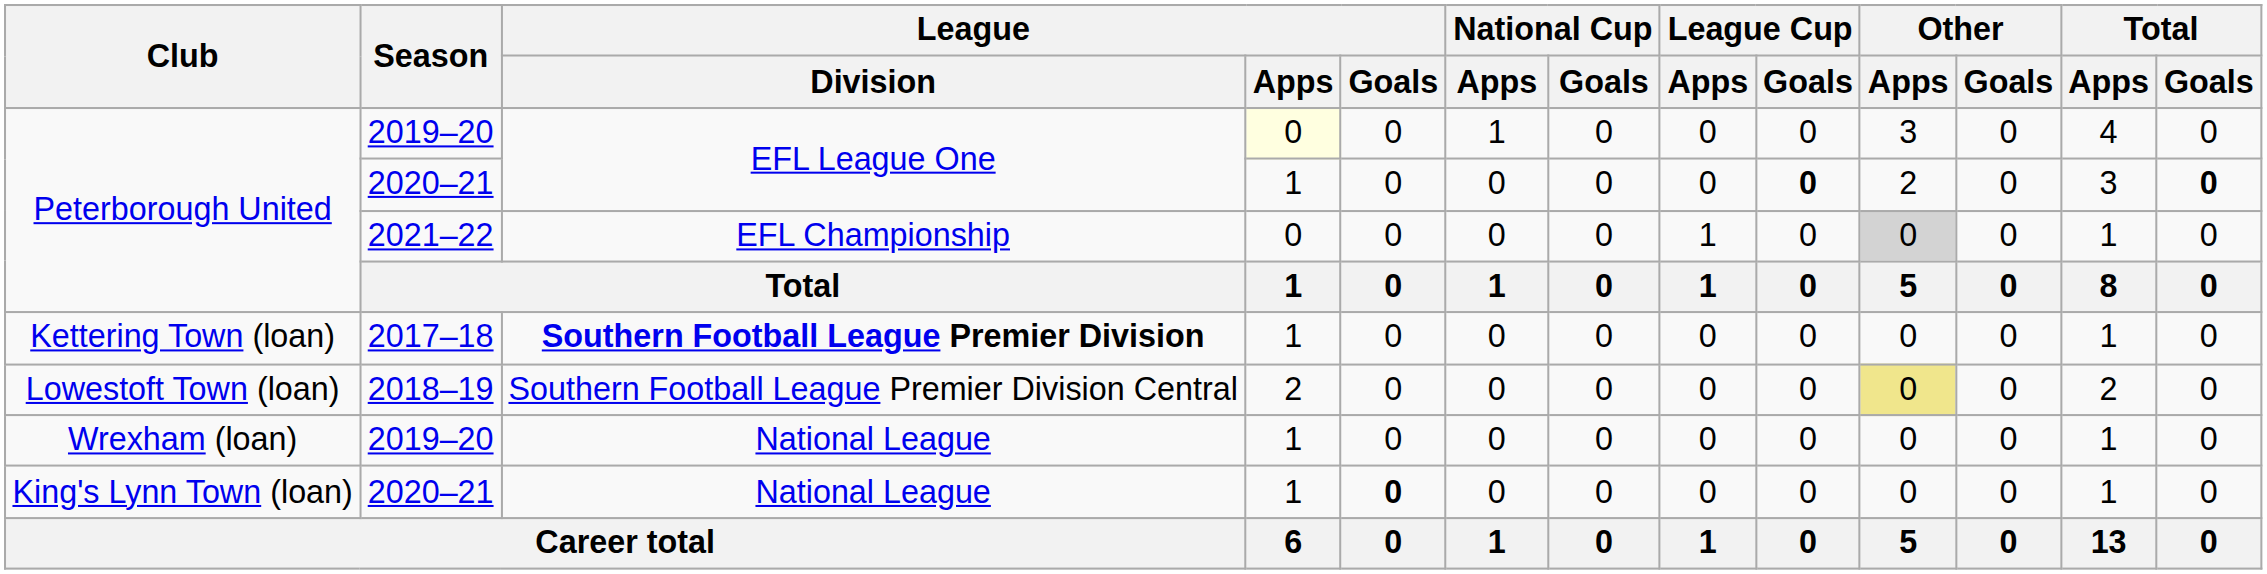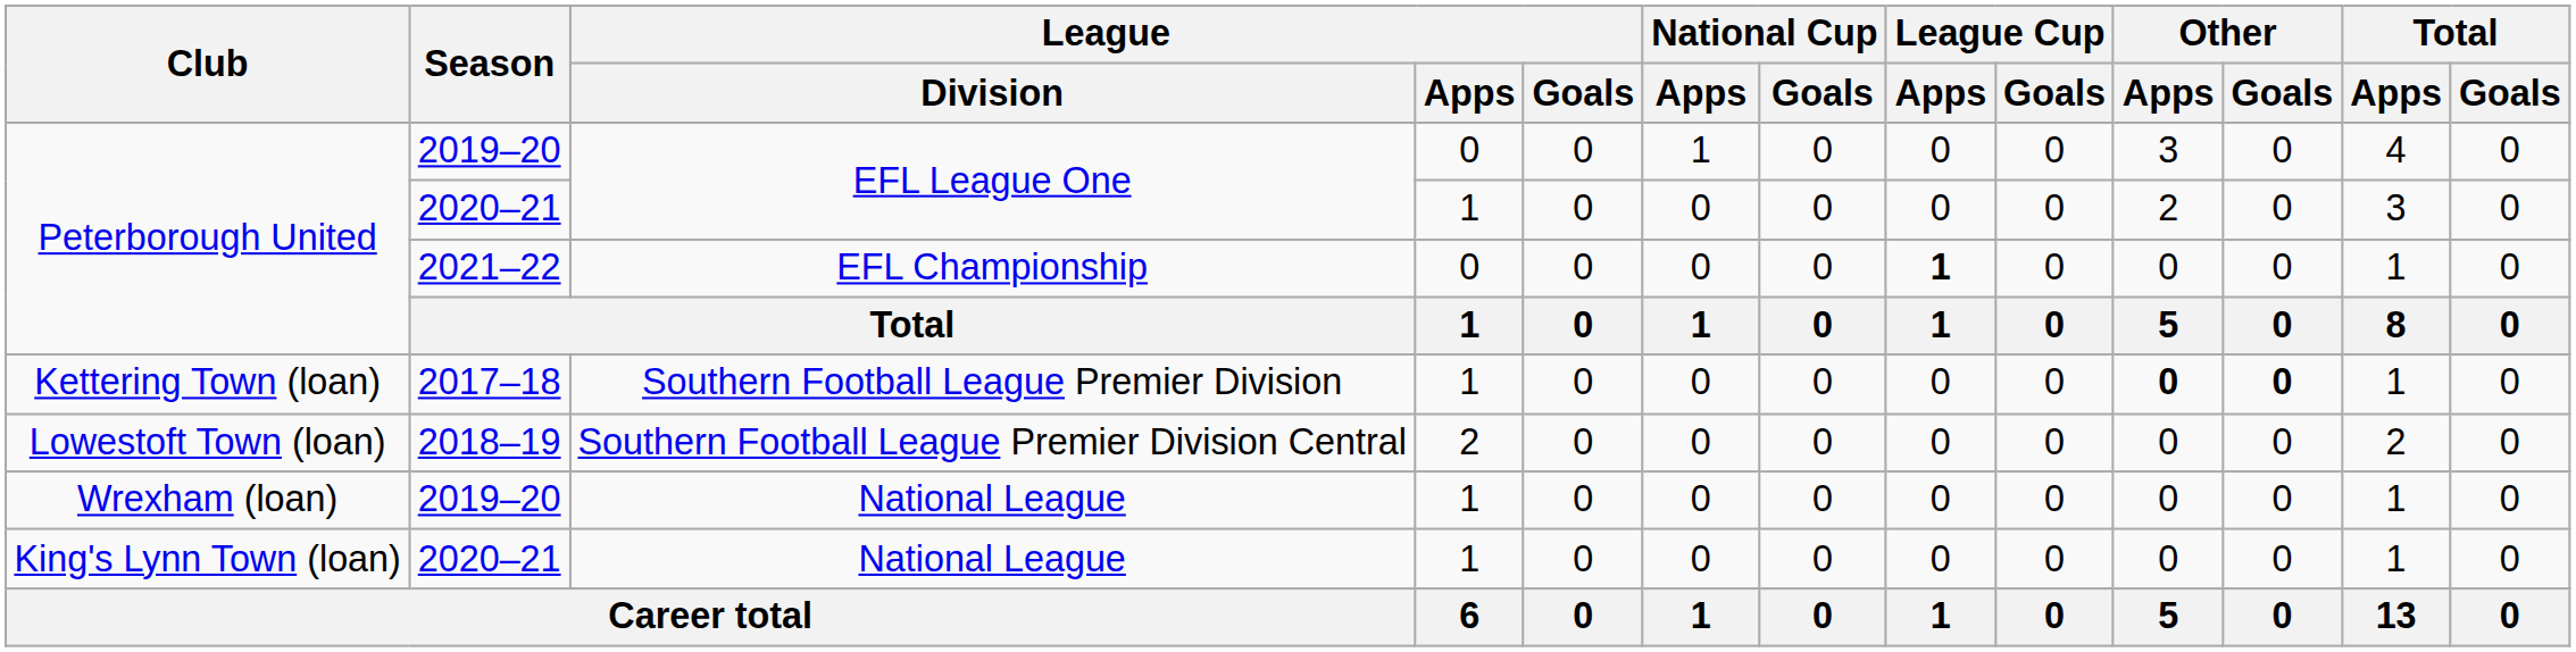 <table class="wikitable" style="text-align: center">
 <tr>
 <th rowspan="2">Club</th>
 <th rowspan="2">Season</th>
 <th colspan="3">League</th>
 <th colspan="2">National Cup</th>
 <th colspan="2">League Cup</th>
 <th colspan="2">Other</th>
 <th colspan="2">Total</th>
 </tr>
 <tr>
 <th>Division</th>
 <th>Apps</th>
 <th>Goals</th>
 <th>Apps</th>
 <th>Goals</th>
 <th>Apps</th>
 <th>Goals</th>
 <th>Apps</th>
 <th>Goals</th>
 <th>Apps</th>
 <th>Goals</th>
 </tr>
 <tr>
 <td rowspan="4"><a href='#'>Peterborough United</a></td>
 <td><a href='#'>2019–20</a></td>
 <td rowspan="2"><a href='#'>EFL League One</a></td>
-<td style="background: lightyellow;">0</td>
+<td>0</td>
 <td>0</td>
 <td>1</td>
 <td>0</td>
 <td>0</td>
 <td>0</td>
 <td>3</td>
 <td>0</td>
 <td>4</td>
 <td>0</td>
 </tr>
 <tr>
 <td><a href='#'>2020–21</a></td>
 <td>1</td>
 <td>0</td>
 <td>0</td>
 <td>0</td>
 <td>0</td>
-<td><strong>0</strong></td>
+<td>0</td>
 <td>2</td>
 <td>0</td>
 <td>3</td>
-<td><strong>0</strong></td>
+<td>0</td>
 </tr>
 <tr>
 <td><a href='#'>2021–22</a></td>
 <td><a href='#'>EFL Championship</a></td>
 <td>0</td>
 <td>0</td>
 <td>0</td>
 <td>0</td>
-<td>1</td>
+<td><strong>1</strong></td>
 <td>0</td>
-<td style="background: lightgrey;">0</td>
+<td>0</td>
 <td>0</td>
 <td>1</td>
 <td>0</td>
 </tr>
 <tr>
 <th colspan="2">Total</th>
 <th>1</th>
 <th>0</th>
 <th>1</th>
 <th>0</th>
 <th>1</th>
 <th>0</th>
 <th>5</th>
 <th>0</th>
 <th>8</th>
 <th>0</th>
 </tr>
 <tr>
 <td><a href='#'>Kettering Town</a> (loan)</td>
 <td><a href='#'>2017–18</a></td>
-<td><strong><a href='#'>Southern Football League</a> Premier Division</strong></td>
+<td><a href='#'>Southern Football League</a> Premier Division</td>
 <td>1</td>
 <td>0</td>
 <td>0</td>
 <td>0</td>
 <td>0</td>
 <td>0</td>
-<td>0</td>
-<td>0</td>
+<td><strong>0</strong></td>
+<td><strong>0</strong></td>
 <td>1</td>
 <td>0</td>
 </tr>
 <tr>
 <td><a href='#'>Lowestoft Town</a> (loan)</td>
 <td><a href='#'>2018–19</a></td>
 <td><a href='#'>Southern Football League</a> Premier Division Central</td>
 <td>2</td>
 <td>0</td>
 <td>0</td>
 <td>0</td>
 <td>0</td>
 <td>0</td>
-<td style="background: khaki;">0</td>
+<td>0</td>
 <td>0</td>
 <td>2</td>
 <td>0</td>
 </tr>
 <tr>
 <td><a href='#'>Wrexham</a> (loan)</td>
 <td><a href='#'>2019–20</a></td>
 <td><a href='#'>National League</a></td>
 <td>1</td>
 <td>0</td>
 <td>0</td>
 <td>0</td>
 <td>0</td>
 <td>0</td>
 <td>0</td>
 <td>0</td>
 <td>1</td>
 <td>0</td>
 </tr>
 <tr>
 <td><a href='#'>King's Lynn Town</a> (loan)</td>
 <td><a href='#'>2020–21</a></td>
 <td><a href='#'>National League</a></td>
 <td>1</td>
-<td><strong>0</strong></td>
+<td>0</td>
 <td>0</td>
 <td>0</td>
 <td>0</td>
 <td>0</td>
 <td>0</td>
 <td>0</td>
 <td>1</td>
 <td>0</td>
 </tr>
 <tr>
 <th colspan="3">Career total</th>
 <th>6</th>
 <th>0</th>
 <th>1</th>
 <th>0</th>
 <th>1</th>
 <th>0</th>
 <th>5</th>
 <th>0</th>
 <th>13</th>
 <th>0</th>
 </tr>
 </table>
